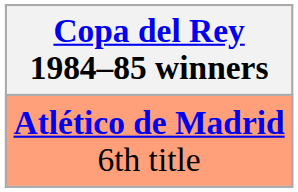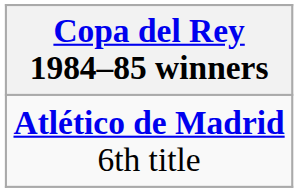 <table class="wikitable" style="text-align: center; margin: 0 auto;">
 <tr>
 <th><a href='#'>Copa del Rey</a><br>1984–85 winners</th>
 </tr>
 <tr>
-<td style="background: lightsalmon;"><strong><a href='#'>Atlético de Madrid</a></strong><br>6th title</td>
+<td><strong><a href='#'>Atlético de Madrid</a></strong><br>6th title</td>
 </tr>
 </table>
